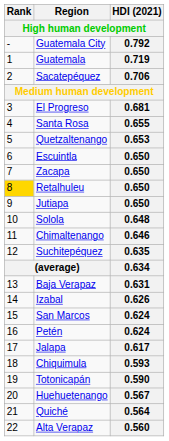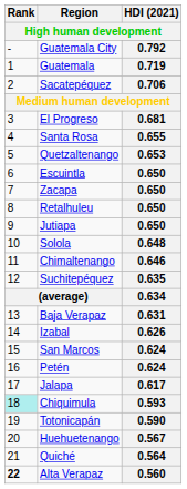 <table class="wikitable sortable">
 <tr>
 <th class="sort">Rank</th>
 <th class="sort">Region</th>
 <th class="sort">HDI (2021)</th>
 </tr>
 <tr>
 <th colspan="3" style="color:#0c0;">High human development</th>
 </tr>
 <tr>
 <td>-</td>
 <td><a href='#'>Guatemala City</a></td>
 <th>0.792</th>
 </tr>
 <tr>
 <td>1</td>
 <td style="text-align:left"><a href='#'>Guatemala</a></td>
 <th>0.719</th>
 </tr>
 <tr>
 <td>2</td>
 <td><a href='#'>Sacatepéquez</a></td>
 <th>0.706</th>
 </tr>
 <tr>
 <th colspan="3" style="color:#fc0;">Medium human development</th>
 </tr>
 <tr>
 <td>3</td>
 <td style="text-align:left"><a href='#'>El Progreso</a></td>
 <th>0.681</th>
 </tr>
 <tr>
 <td>4</td>
 <td><a href='#'>Santa Rosa</a></td>
 <th>0.655</th>
 </tr>
 <tr>
 <td>5</td>
 <td><a href='#'>Quetzaltenango</a></td>
 <th>0.653</th>
 </tr>
 <tr>
 <td>6</td>
 <td style="text-align:left"><a href='#'>Escuintla</a></td>
 <th>0.650</th>
 </tr>
 <tr>
 <td>7</td>
 <td style="text-align:left"><a href='#'>Zacapa</a></td>
 <th>0.650</th>
 </tr>
 <tr>
-<td style="background: gold;">8</td>
+<td>8</td>
 <td style="text-align:left"><a href='#'>Retalhuleu</a></td>
 <th>0.650</th>
 </tr>
 <tr>
 <td>9</td>
 <td style="text-align:left"><a href='#'>Jutiapa</a></td>
 <th>0.650</th>
 </tr>
 <tr>
 <td>10</td>
 <td style="text-align:left"><a href='#'>Solola</a></td>
 <th>0.648</th>
 </tr>
 <tr>
 <td>11</td>
 <td style="text-align:left"><a href='#'>Chimaltenango</a></td>
 <th>0.646</th>
 </tr>
 <tr>
 <td>12</td>
 <td><a href='#'>Suchitepéquez</a></td>
 <th>0.635</th>
 </tr>
 <tr>
 <th colspan="2"><strong></strong> <strong>(average)</strong></th>
 <th><strong>0.634</strong></th>
 </tr>
 <tr>
 <td>13</td>
 <td><a href='#'>Baja Verapaz</a></td>
 <th>0.631</th>
 </tr>
 <tr>
 <td>14</td>
 <td><a href='#'>Izabal</a></td>
 <th>0.626</th>
 </tr>
 <tr>
 <td>15</td>
 <td><a href='#'>San Marcos</a></td>
 <th>0.624</th>
 </tr>
 <tr>
 <td>16</td>
 <td><a href='#'>Petén</a></td>
 <th>0.624</th>
 </tr>
 <tr>
 <td>17</td>
 <td><a href='#'>Jalapa</a></td>
 <th>0.617</th>
 </tr>
 <tr>
-<td>18</td>
+<td style="background: paleturquoise;">18</td>
 <td><a href='#'>Chiquimula</a></td>
 <th>0.593</th>
 </tr>
 <tr>
 <td>19</td>
 <td><a href='#'>Totonicapán</a></td>
 <th>0.590</th>
 </tr>
 <tr>
 <td>20</td>
 <td><a href='#'>Huehuetenango</a></td>
 <th>0.567</th>
 </tr>
 <tr>
 <td>21</td>
 <td><a href='#'>Quiché</a></td>
 <th>0.564</th>
 </tr>
 <tr>
-<td>22</td>
+<td><strong>22</strong></td>
 <td><a href='#'>Alta Verapaz</a></td>
 <th>0.560</th>
 </tr>
 </table>
